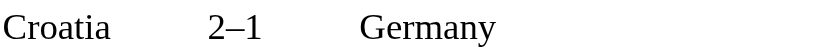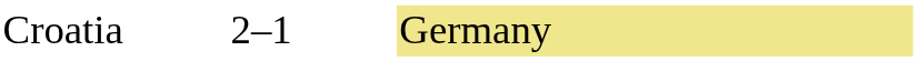 <table style="text-align:center">
 <tr>
 <th width=200></th>
 <th width=100></th>
 <th width=200></th>
 </tr>
 <tr>
 <td align=right>Croatia</td>
 <td>2–1</td>
-<td align=left>Germany</td>
+<td align=left style="background: khaki;">Germany</td>
 </tr>
 <tr>
 </tr>
 </table>
